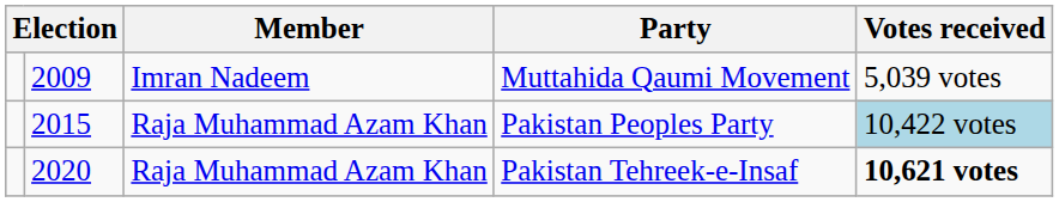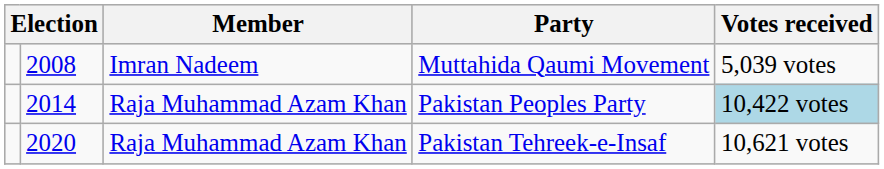 <table class="wikitable">
 <tr>
 <th colspan="2">Election</th>
 <th>Member</th>
 <th>Party</th>
 <th>Votes received</th>
 </tr>
 <tr>
 <td></td>
-<td><a href='#'>2009</a></td>
+<td><a href='#'>2008</a></td>
 <td><a href='#'>Imran Nadeem</a></td>
 <td style="text-align:center;"><a href='#'>Muttahida Qaumi Movement</a></td>
 <td style="background-color:  ">5,039 votes</td>
 </tr>
 <tr>
 <td style="background-color: "></td>
-<td><a href='#'>2015</a></td>
+<td><a href='#'>2014</a></td>
 <td><a href='#'>Raja Muhammad Azam Khan</a></td>
 <td><a href='#'>Pakistan Peoples Party</a></td>
 <td style="background: lightblue;">10,422 votes</td>
 </tr>
 <tr>
 <td style="background-color: "></td>
 <td><a href='#'>2020</a></td>
 <td><a href='#'>Raja Muhammad Azam Khan</a></td>
 <td><a href='#'>Pakistan Tehreek-e-Insaf</a></td>
-<td><strong>10,621 votes</strong></td>
+<td>10,621 votes</td>
 </tr>
 </table>
